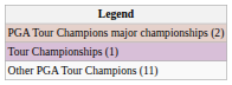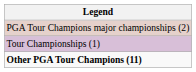 <table class="wikitable" style="font-size:95%;">
 <tr>
 <th>Legend</th>
 </tr>
 <tr style="background:#e5d1cb;">
 <td>PGA Tour Champions major championships (2)</td>
 </tr>
 <tr style="background:thistle;">
 <td>Tour Championships (1)</td>
 </tr>
 <tr>
-<td>Other PGA Tour Champions (11)</td>
+<td><strong>Other PGA Tour Champions (11)</strong></td>
 </tr>
 </table>
